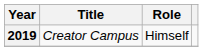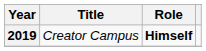 <table class="wikitable ">
 <tr>
 <th scope="col">Year</th>
 <th scope="col">Title</th>
 <th scope="col">Role</th>
 <th scope="col" class="unsortable"></th>
 </tr>
 <tr>
 <th scope="row">2019</th>
 <td><em>Creator Campus</em></td>
-<td>Himself</td>
+<td><strong>Himself</strong></td>
 <td></td>
 </tr>
 <tr>
 </tr>
 </table>
